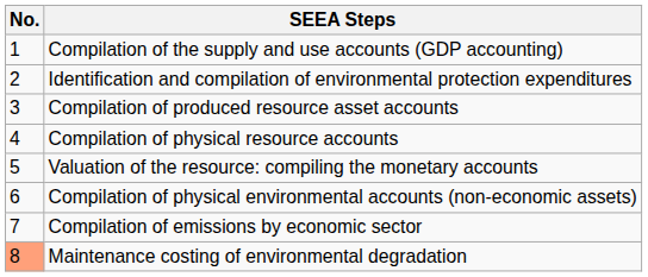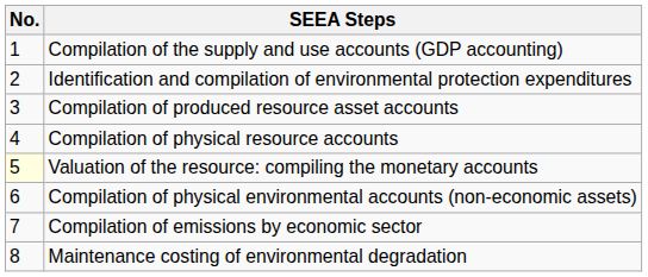 <table class="wikitable">
 <tr>
 <th>No.</th>
 <th>SEEA Steps</th>
 </tr>
 <tr>
 <td>1</td>
 <td>Compilation of the supply and use accounts (GDP accounting)</td>
 </tr>
 <tr>
 <td>2</td>
 <td>Identification and compilation of environmental protection expenditures</td>
 </tr>
 <tr>
 <td>3</td>
 <td>Compilation of produced resource asset accounts</td>
 </tr>
 <tr>
 <td>4</td>
 <td>Compilation of physical resource accounts</td>
 </tr>
 <tr>
-<td>5</td>
+<td style="background: lightyellow;">5</td>
 <td>Valuation of the resource: compiling the monetary accounts</td>
 </tr>
 <tr>
 <td>6</td>
 <td>Compilation of physical environmental accounts (non-economic assets)</td>
 </tr>
 <tr>
 <td>7</td>
 <td>Compilation of emissions by economic sector</td>
 </tr>
 <tr>
-<td style="background: lightsalmon;">8</td>
+<td>8</td>
 <td>Maintenance costing of environmental degradation</td>
 </tr>
 </table>
